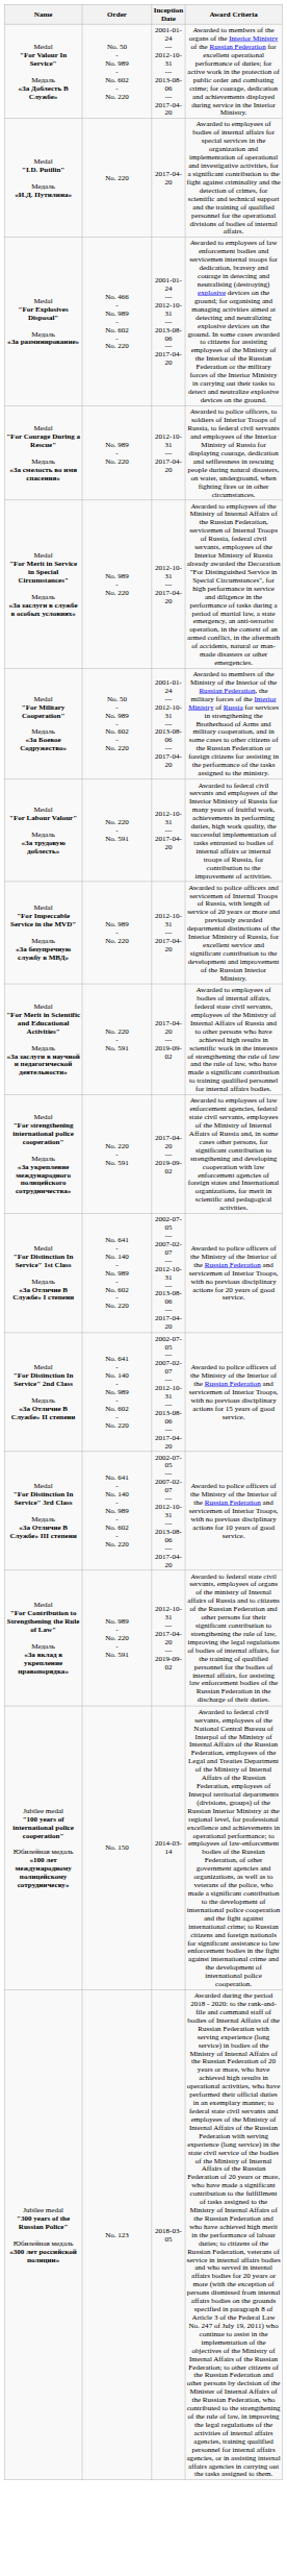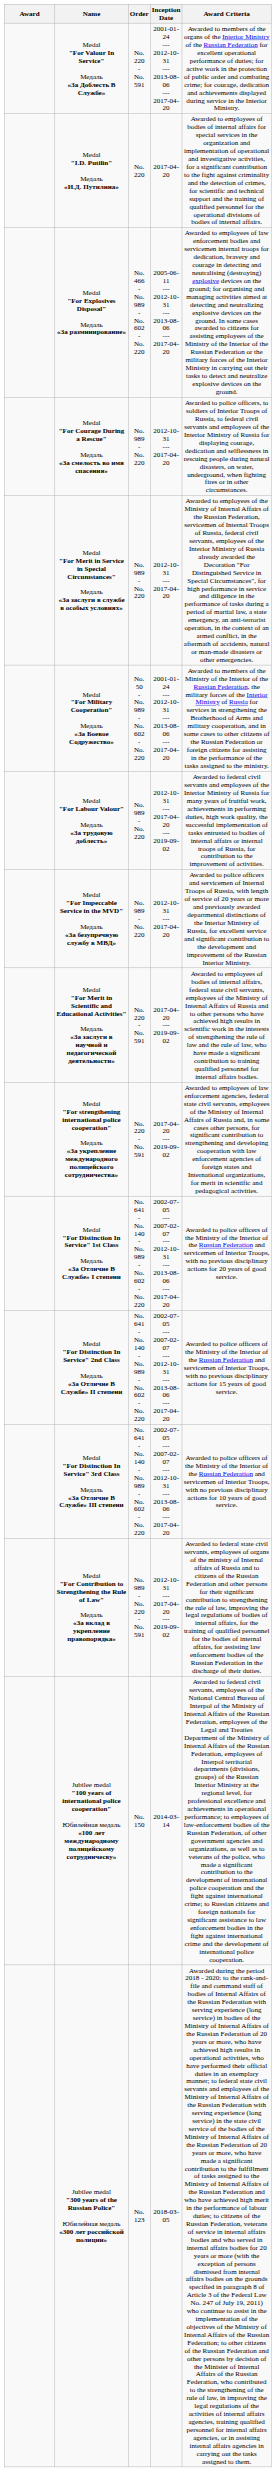 <table class="wikitable sortable" style="text-align:center">
 <tr>
+<th style="width:20%">Award</th>
 <th style="width:28%">Name </th>
 <th>Order</th>
 <th style="width:10%">Inception Date</th>
 <th style="width:35%">Award Criteria</th>
 </tr>
 <tr>
+<td><br></td>
 <td>Medal<br><strong>"For Valour In Service"</strong><br><br>Медаль<br><strong>«За Доблесть В Службе»</strong></td>
-<td>No. 50<br>-<br>No. 989<br>-<br>No. 602<br>-<br>No. 220</td>
+<td>No. 220<br>-<br>No. 591</td>
 <td>2001-01-24<br>---<br>2012-10-31<br>---<br>2013-08-06<br>---<br>2017-04-20</td>
 <td>Awarded to members of the organs of the  <a href='#'>Interior Ministry</a> of the <a href='#'>Russian Federation</a> for excellent operational performance of duties; for active work in the protection of public order and combating crime; for courage, dedication and achievements displayed during service in the Interior Ministry.</td>
 </tr>
 <tr>
+<td><br></td>
 <td>Medal<br><strong>"I.D. Putilin"</strong><br><br>Медаль<br><strong>«И.Д. Путилина»</strong></td>
 <td>No. 220</td>
 <td>2017-04-20</td>
 <td>Awarded to employees of bodies of internal affairs for special services in the organization and implementation of operational and investigative activities, for a significant contribution to the fight against criminality and the detection of crimes, for scientific and technical support and the training of qualified personnel for the operational divisions of bodies of internal affairs.</td>
 </tr>
 <tr>
+<td><br></td>
 <td>Medal<br><strong>"For Explosives Disposal"</strong><br><br>Медаль<br><strong>«За разминирование»</strong></td>
 <td>No. 466<br>-<br>No. 989<br>-<br>No. 602<br>-<br>No. 220</td>
-<td>2001-01-24<br>---<br>2012-10-31<br>---<br>2013-08-06<br>---<br>2017-04-20</td>
+<td>2005-06-11<br>---<br>2012-10-31<br>---<br>2013-08-06<br>---<br>2017-04-20</td>
 <td>Awarded to employees of law enforcement bodies and servicemen internal troops for dedication, bravery and courage in detecting and neutralising (destroying) <a href='#'>explosive</a> devices on the ground; for organising and managing activities aimed at detecting and neutralizing explosive devices on the ground.  In some cases awarded to citizens for assisting employees of the Ministry of the Interior of the Russian Federation or the military forces of the Interior Ministry in carrying out their tasks to detect and neutralize explosive devices on the ground.</td>
 </tr>
 <tr>
+<td><br></td>
 <td>Medal<br><strong>"For Courage During a Rescue"</strong><br><br>Медаль<br><strong>«За смелость во имя спасения»</strong></td>
 <td>No. 989<br>-<br>No. 220</td>
 <td>2012-10-31<br>---<br>2017-04-20</td>
 <td>Awarded to police officers, to soldiers of Interior Troops of Russia, to federal civil servants and employees of the Interior Ministry of Russia for displaying courage, dedication and selflessness in rescuing people during natural disasters, on water, underground, when fighting fires or in other circumstances.</td>
 </tr>
 <tr>
+<td><br></td>
 <td>Medal<br><strong>"For Merit in Service in Special Circumstances"</strong><br><br>Медаль<br><strong>«За заслуги в службе в особых условиях»</strong></td>
 <td>No. 989<br>-<br>No. 220</td>
 <td>2012-10-31<br>---<br>2017-04-20</td>
 <td>Awarded to employees of the Ministry of Internal Affairs of the Russian Federation, servicemen of Internal Troops of Russia, federal civil servants, employees of the Interior Ministry of Russia already awarded the Decoration "For Distinguished Service in Special Circumstances", for high performance in service and diligence in the performance of tasks during a period of martial law, a state emergency, an anti-terrorist operation, in the context of an armed conflict, in the aftermath of accidents, natural or man-made disasters or other emergencies.</td>
 </tr>
 <tr>
+<td><br></td>
 <td>Medal<br><strong>"For Military Cooperation"</strong><br><br>Медаль<br><strong>«За Боевое Содружество»</strong></td>
 <td>No. 50<br>-<br>No. 989<br>-<br>No. 602<br>-<br>No. 220</td>
 <td>2001-01-24<br>---<br>2012-10-31<br>---<br>2013-08-06<br>---<br>2017-04-20</td>
 <td>Awarded to members of the Ministry of the Interior of the <a href='#'>Russian Federation</a>, the military forces of the <a href='#'>Interior Ministry</a> of <a href='#'>Russia</a> for services in strengthening the Brotherhood of Arms and military cooperation, and in some cases to other citizens of the Russian Federation or foreign citizens for assisting in the performance of the tasks assigned to the ministry.</td>
 </tr>
 <tr>
+<td><br></td>
 <td>Medal<br><strong>"For Labour Valour"</strong><br><br>Медаль<br><strong>«За трудовую доблесть»</strong></td>
-<td>No. 220<br>-<br>No. 591</td>
-<td>2012-10-31<br>---<br>2017-04-20</td>
+<td>No. 989<br>-<br>No. 220</td>
+<td>2012-10-31<br>---<br>2017-04-20<br>---<br>2019-09-02</td>
 <td>Awarded to federal civil servants and employees of the Interior Ministry of Russia for many years of fruitful work, achievements in performing duties, high work quality, the successful implementation of tasks entrusted to bodies of internal affairs or internal troops of Russia, for contribution to the improvement of activities.</td>
 </tr>
 <tr>
+<td><br></td>
 <td>Medal<br><strong>"For Impeccable Service in the MVD"</strong><br><br>Медаль<br><strong>«За безупречную службу в МВД»</strong></td>
 <td>No. 989<br>-<br>No. 220</td>
 <td>2012-10-31<br>---<br>2017-04-20</td>
 <td>Awarded to police officers and servicemen of Internal Troops of Russia, with length of service of 20 years or more and previously awarded departmental distinctions of the Interior Ministry of Russia, for excellent service and significant contribution to the development and improvement of the Russian Interior Ministry.</td>
 </tr>
 <tr>
+<td><br></td>
 <td>Medal<br><strong>"For Merit in Scientific and Educational Activities"</strong><br><br>Медаль<br><strong>«За заслуги в научной и педагогической деятельности»</strong></td>
 <td>No. 220<br>-<br>No. 591</td>
 <td>2017-04-20<br>---<br>2019-09-02</td>
 <td>Awarded to employees of bodies of internal affairs, federal state civil servants, employees of the Ministry of Internal Affairs of Russia and to other persons who have achieved high results in scientific work in the interests of strengthening the rule of law and the rule of law, who have made a significant contribution to training qualified personnel for internal affairs bodies.</td>
 </tr>
 <tr>
+<td><br></td>
 <td>Medal<br><strong>"For strengthening international police cooperation"</strong><br><br>Медаль<br><strong>«За укрепление международного полицейского сотрудничества»</strong></td>
 <td>No. 220<br>-<br>No. 591</td>
 <td>2017-04-20<br>---<br>2019-09-02</td>
 <td>Awarded to employees of law enforcement agencies, federal state civil servants, employees of the Ministry of Internal Affairs of Russia and, in some cases other persons, for significant contribution to strengthening and developing cooperation with law enforcement agencies of foreign states and International organizations, for merit in scientific and pedagogical activities.</td>
 </tr>
 <tr>
+<td><br></td>
 <td>Medal<br><strong>"For Distinction In Service" 1st Class</strong><br><br>Медаль<br><strong>«За Отличие В Службе» I степени</strong></td>
 <td>No. 641<br>-<br>No. 140<br>-<br>No. 989<br>-<br>No. 602<br>-<br>No. 220</td>
 <td>2002-07-05<br>---<br>2007-02-07<br>---<br>2012-10-31<br>---<br>2013-08-06<br>---<br>2017-04-20</td>
 <td>Awarded to police officers of the Ministry of the Interior of the <a href='#'>Russian Federation</a> and servicemen of Interior Troops, with no previous disciplinary actions for 20 years of good service.</td>
 </tr>
 <tr>
+<td><br></td>
 <td>Medal<br><strong>"For Distinction In Service" 2nd Class</strong><br><br>Медаль<br><strong>«За Отличие В Службе» II степени</strong></td>
 <td>No. 641<br>-<br>No. 140<br>-<br>No. 989<br>-<br>No. 602<br>-<br>No. 220</td>
 <td>2002-07-05<br>---<br>2007-02-07<br>---<br>2012-10-31<br>---<br>2013-08-06<br>---<br>2017-04-20</td>
 <td>Awarded to police officers of the Ministry of the Interior of the <a href='#'>Russian Federation</a> and servicemen of Interior Troops, with no previous disciplinary actions for 15 years of good service.</td>
 </tr>
 <tr>
+<td><br></td>
 <td>Medal<br><strong>"For Distinction In Service" 3rd Class</strong><br><br>Медаль<br><strong>«За Отличие В Службе» III степени</strong></td>
 <td>No. 641<br>-<br>No. 140<br>-<br>No. 989<br>-<br>No. 602<br>-<br>No. 220</td>
 <td>2002-07-05<br>---<br>2007-02-07<br>---<br>2012-10-31<br>---<br>2013-08-06<br>---<br>2017-04-20</td>
 <td>Awarded to police officers of the Ministry of the Interior of the <a href='#'>Russian Federation</a> and servicemen of Interior Troops, with no previous disciplinary actions for 10 years of good service.</td>
 </tr>
 <tr>
+<td><br></td>
 <td>Medal<br><strong>"For Contribution to Strengthening the Rule of Law"</strong><br><br>Медаль<br><strong>«За вклад в укрепление правопорядка»</strong></td>
 <td>No. 989<br>-<br>No. 220<br>-<br>No. 591</td>
 <td>2012-10-31<br>---<br>2017-04-20<br>---<br>2019-09-02</td>
 <td>Awarded to federal state civil servants, employees of organs of the ministry of Internal affairs of Russia and to citizens of the Russian Federation and other persons for their significant contribution to strengthening the rule of law, improving the legal regulations of bodies of internal affairs, for the training of qualified personnel for the bodies of internal affairs, for assisting law enforcement bodies of the Russian Federation in the discharge of their duties.</td>
 </tr>
 <tr>
+<td><br><br></td>
 <td>Jubilee medal<br><strong>"100 years of international police cooperation"</strong><br><br>Юбилейная медаль<br><strong>«100 лет международному полицейскому сотрудничесву»</strong></td>
 <td>No. 150</td>
 <td>2014-03-14</td>
 <td>Awarded to federal civil servants, employees of the National Central Bureau of Interpol of the Ministry of Internal Affairs of the Russian Federation, employees of the Legal and Treaties Department of the Ministry of Internal Affairs of the Russian Federation, employees of Interpol territorial departments (divisions, groups) of the Russian Interior Ministry at the regional level, for professional excellence and achievements in operational performance; to employees of law-enforcement bodies of the Russian Federation, of other government agencies and organizations, as well as to veterans of the police, who made a significant contribution to the development of international police cooperation and the fight against international crime; to Russian citizens and foreign nationals for significant assistance to law enforcement bodies in the fight against international crime and the development of international police cooperation.</td>
 </tr>
 <tr>
+<td><br><br></td>
 <td>Jubilee medal<br><strong>"300 years of the Russian Police"</strong><br><br>Юбилейная медаль<br><strong>«300 лет российской полиции»</strong></td>
 <td>No. 123</td>
 <td>2018-03-05</td>
 <td>Awarded during the period 2018 - 2020: to the rank-and-file and command staff of bodies of Internal Affairs of the Russian Federation with serving experience (long service) in bodies of the Ministry of Internal Affairs of the Russian Federation of 20 years or more, who have achieved high results in operational activities, who have performed their official duties in an exemplary manner; to federal state civil servants and employees of the Ministry of Internal Affairs of the Russian Federation with serving experience (long service) in the state civil service of the bodies of the Ministry of Internal Affairs of the Russian Federation of 20 years or more, who have made a significant contribution to the fulfillment of tasks assigned to the Ministry of Internal Affairs of the Russian Federation and who have achieved high merit in the performance of labour duties; to citizens of the Russian Federation, veterans of service in internal affairs bodies and who served in internal affairs bodies for 20 years or more (with the exception of persons dismissed from internal affairs bodies on the grounds specified in paragraph 8 of Article 3 of the Federal Law No. 247 of July 19, 2011) who continue to assist in the implementation of the objectives of the Ministry of Internal Affairs of the Russian Federation; to other citizens of the Russian Federation and other persons by decision of the Minister of Internal Affairs of the Russian Federation, who contributed to the strengthening of the rule of law, in improving the legal regulations of the activities of internal affairs agencies, training qualified personnel for internal affairs agencies, or in assisting internal affairs agencies in carrying out the tasks assigned to them.</td>
 </tr>
 </table>
